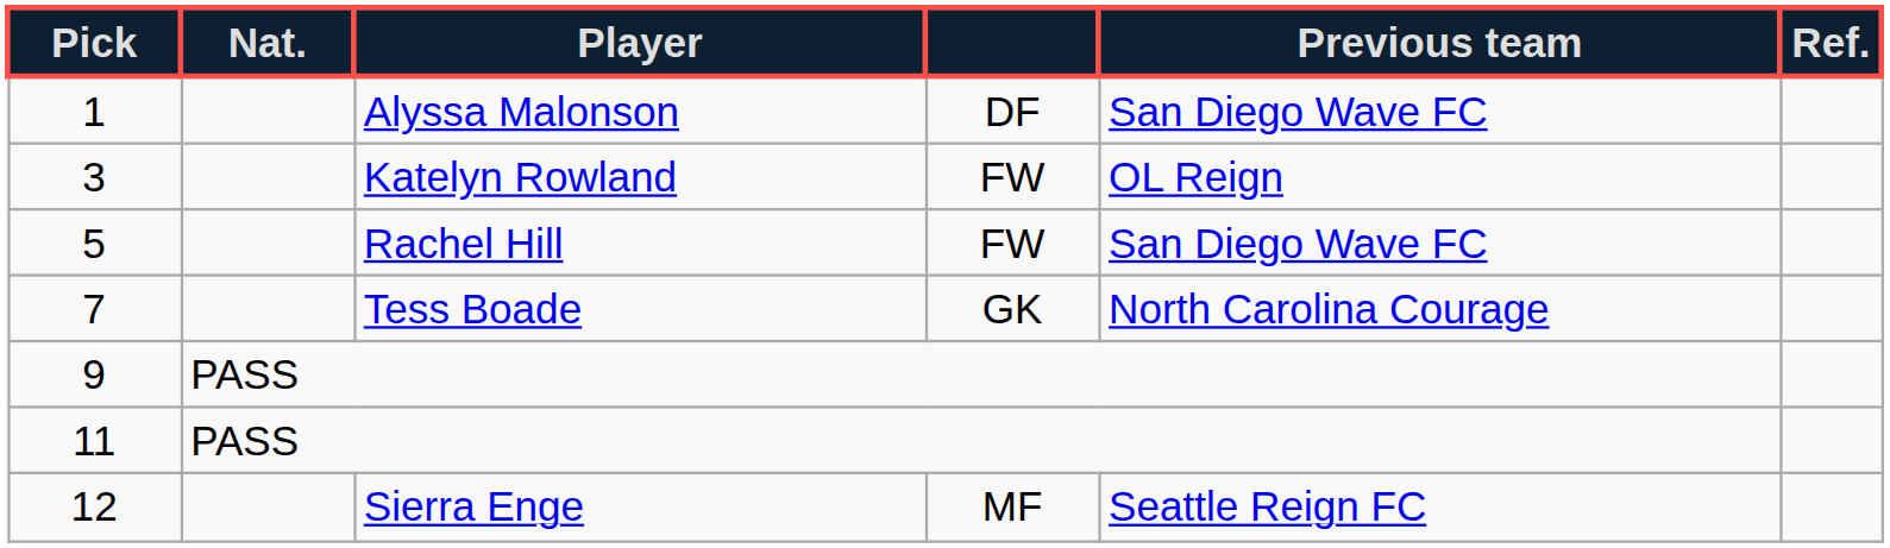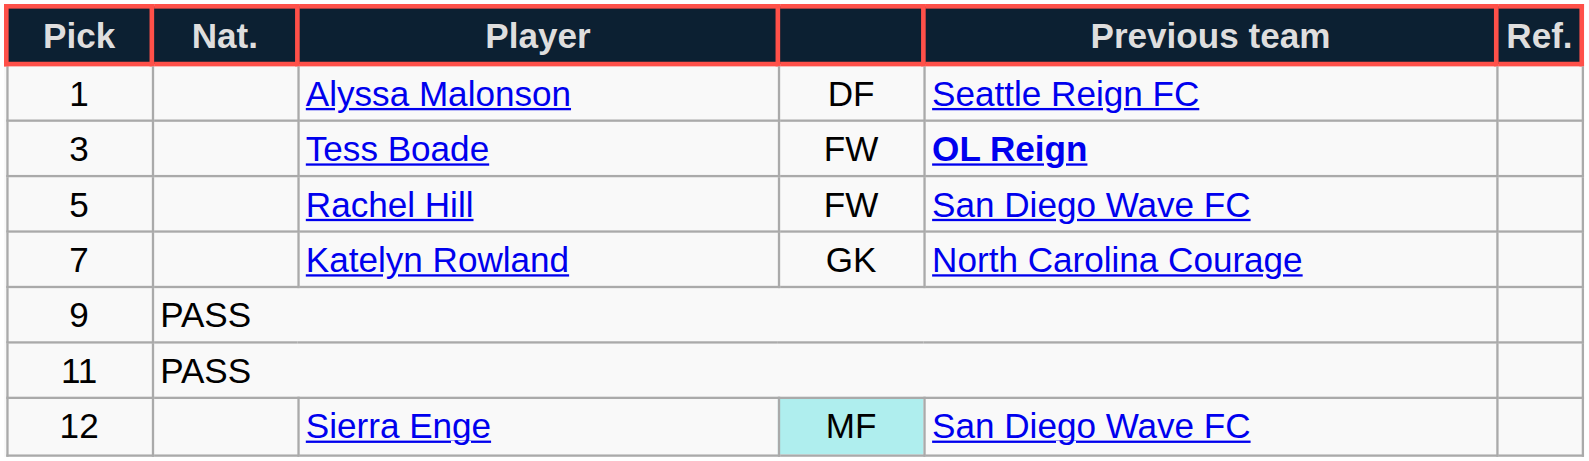 <table class="wikitable" style="text-align:left; font-size:95%;">
 <tr>
 <th style="background:#0C2032; color:#DFDEDE; border:2px solid #FF5049; width:55px;">Pick</th>
 <th style="background:#0C2032; color:#DFDEDE; border:2px solid #FF5049; width:55px;">Nat.</th>
 <th style="background:#0C2032; color:#DFDEDE; border:2px solid #FF5049; width:200px;">Player</th>
 <th style="background:#0C2032; color:#DFDEDE; border:2px solid #FF5049; width:55px;"></th>
 <th style="background:#0C2032; color:#DFDEDE; border:2px solid #FF5049; width:240px;">Previous team</th>
 <th style="background:#0C2032; color:#DFDEDE; border:2px solid #FF5049;">Ref.</th>
 </tr>
 <tr>
 <td style="text-align: center;">1</td>
 <td align="center"></td>
 <td><a href='#'>Alyssa Malonson</a></td>
 <td style="text-align: center;">DF</td>
-<td><a href='#'>San Diego Wave FC</a></td>
+<td><a href='#'>Seattle Reign FC</a></td>
 <td></td>
 </tr>
 <tr>
 <td style="text-align: center;">3</td>
 <td align="center"></td>
-<td><a href='#'>Katelyn Rowland</a></td>
+<td><a href='#'>Tess Boade</a></td>
 <td style="text-align: center;">FW</td>
-<td><a href='#'>OL Reign</a></td>
+<td><strong><a href='#'>OL Reign</a></strong></td>
 <td></td>
 </tr>
 <tr>
 <td style="text-align: center;">5</td>
 <td style="text-align: center;"></td>
 <td><a href='#'>Rachel Hill</a></td>
 <td style="text-align: center;">FW</td>
 <td><a href='#'>San Diego Wave FC</a></td>
 <td></td>
 </tr>
 <tr>
 <td style="text-align: center;">7</td>
 <td style="text-align: center;"></td>
-<td><a href='#'>Tess Boade</a></td>
+<td><a href='#'>Katelyn Rowland</a></td>
 <td style="text-align: center;">GK</td>
 <td><a href='#'>North Carolina Courage</a></td>
 <td></td>
 </tr>
 <tr>
 <td style="text-align: center;">9</td>
 <td colspan="4">PASS</td>
 <td></td>
 </tr>
 <tr>
 <td style="text-align: center;">11</td>
 <td colspan="4">PASS</td>
 <td></td>
 </tr>
 <tr>
 <td style="text-align: center;">12</td>
 <td align="center"></td>
 <td><a href='#'>Sierra Enge</a></td>
-<td style="text-align: center;">MF</td>
-<td><a href='#'>Seattle Reign FC</a></td>
+<td style="background: paleturquoise; text-align: center;">MF</td>
+<td><a href='#'>San Diego Wave FC</a></td>
 <td></td>
 </tr>
 </table>
